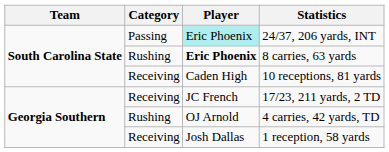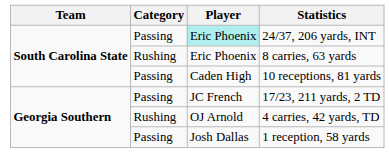 <table class="wikitable" style="float: right;">
 <tr>
 <th>Team</th>
 <th>Category</th>
 <th>Player</th>
 <th>Statistics</th>
 </tr>
 <tr>
 <td rowspan=3><strong>South Carolina State</strong></td>
 <td>Passing</td>
 <td style="background: paleturquoise;">Eric Phoenix</td>
 <td>24/37, 206 yards, INT</td>
 </tr>
 <tr>
 <td>Rushing</td>
-<td><strong>Eric Phoenix</strong></td>
+<td>Eric Phoenix</td>
 <td>8 carries, 63 yards</td>
 </tr>
 <tr>
-<td>Receiving</td>
+<td>Passing</td>
 <td>Caden High</td>
 <td>10 receptions, 81 yards</td>
 </tr>
 <tr>
 <td rowspan=3><strong>Georgia Southern</strong></td>
-<td>Receiving</td>
+<td>Passing</td>
 <td>JC French</td>
 <td>17/23, 211 yards, 2 TD</td>
 </tr>
 <tr>
 <td>Rushing</td>
 <td>OJ Arnold</td>
 <td>4 carries, 42 yards, TD</td>
 </tr>
 <tr>
-<td>Receiving</td>
+<td>Passing</td>
 <td>Josh Dallas</td>
 <td>1 reception, 58 yards</td>
 </tr>
 </table>
